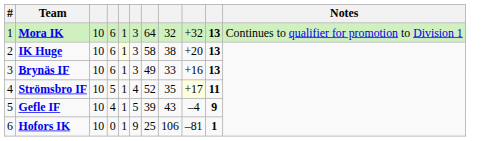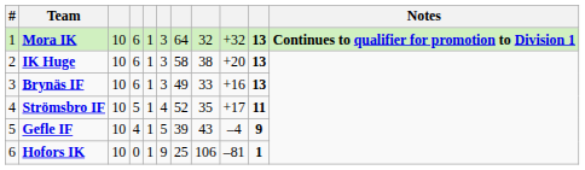 <table class="wikitable sortable">
 <tr>
 <th>#</th>
 <th>Team</th>
 <th></th>
 <th></th>
 <th></th>
 <th></th>
 <th></th>
 <th></th>
 <th></th>
 <th></th>
 <th>Notes</th>
 </tr>
 <tr style="background: #D0F0C0;">
 <td>1</td>
 <td style="font-weight:bold;"><a href='#'>Mora IK</a></td>
 <td style="text-align: center;">10</td>
 <td style="text-align: center;">6</td>
 <td style="text-align: center;">1</td>
 <td style="text-align: center;">3</td>
 <td style="text-align: center;">64</td>
 <td style="text-align: center;">32</td>
 <td style="text-align: center;">+32</td>
 <td style="text-align: center; font-weight:bold;">13</td>
-<td>Continues to <a href='#'>qualifier for promotion</a> to <a href='#'>Division 1</a></td>
+<td><strong>Continues to <a href='#'>qualifier for promotion</a> to <a href='#'>Division 1</a></strong></td>
 </tr>
 <tr>
 <td>2</td>
 <td style="font-weight:bold;"><a href='#'>IK Huge</a></td>
 <td style="text-align: center;">10</td>
 <td style="text-align: center;">6</td>
-<td style="background: lightyellow; text-align: center;">1</td>
+<td style="text-align: center;">1</td>
 <td style="text-align: center;">3</td>
 <td style="text-align: center;">58</td>
 <td style="text-align: center;">38</td>
 <td style="text-align: center;">+20</td>
 <td style="text-align: center; font-weight:bold;">13</td>
 </tr>
 <tr>
 <td>3</td>
 <td style="font-weight:bold;"><a href='#'>Brynäs IF</a></td>
 <td style="text-align: center;">10</td>
 <td style="text-align: center;">6</td>
 <td style="text-align: center;">1</td>
 <td style="text-align: center;">3</td>
 <td style="text-align: center;">49</td>
 <td style="text-align: center;">33</td>
 <td style="text-align: center;">+16</td>
 <td style="text-align: center; font-weight:bold;">13</td>
 </tr>
 <tr>
 <td>4</td>
 <td style="font-weight:bold;"><a href='#'>Strömsbro IF</a></td>
 <td style="text-align: center;">10</td>
 <td style="text-align: center;">5</td>
 <td style="text-align: center;">1</td>
 <td style="text-align: center;">4</td>
 <td style="text-align: center;">52</td>
 <td style="text-align: center;">35</td>
-<td style="background: lightyellow; text-align: center;">+17</td>
+<td style="text-align: center;">+17</td>
 <td style="text-align: center; font-weight:bold;">11</td>
 </tr>
 <tr>
 <td>5</td>
 <td style="font-weight:bold;"><a href='#'>Gefle IF</a></td>
 <td style="text-align: center;">10</td>
 <td style="text-align: center;">4</td>
 <td style="text-align: center;">1</td>
 <td style="text-align: center;">5</td>
 <td style="text-align: center;">39</td>
 <td style="text-align: center;">43</td>
 <td style="text-align: center;">–4</td>
 <td style="text-align: center; font-weight:bold;">9</td>
 </tr>
 <tr>
 <td>6</td>
 <td style="font-weight:bold;"><a href='#'>Hofors IK</a></td>
 <td style="text-align: center;">10</td>
 <td style="text-align: center;">0</td>
 <td style="text-align: center;">1</td>
 <td style="text-align: center;">9</td>
 <td style="text-align: center;">25</td>
 <td style="text-align: center;">106</td>
 <td style="text-align: center;">–81</td>
 <td style="text-align: center; font-weight:bold;">1</td>
 </tr>
 </table>
